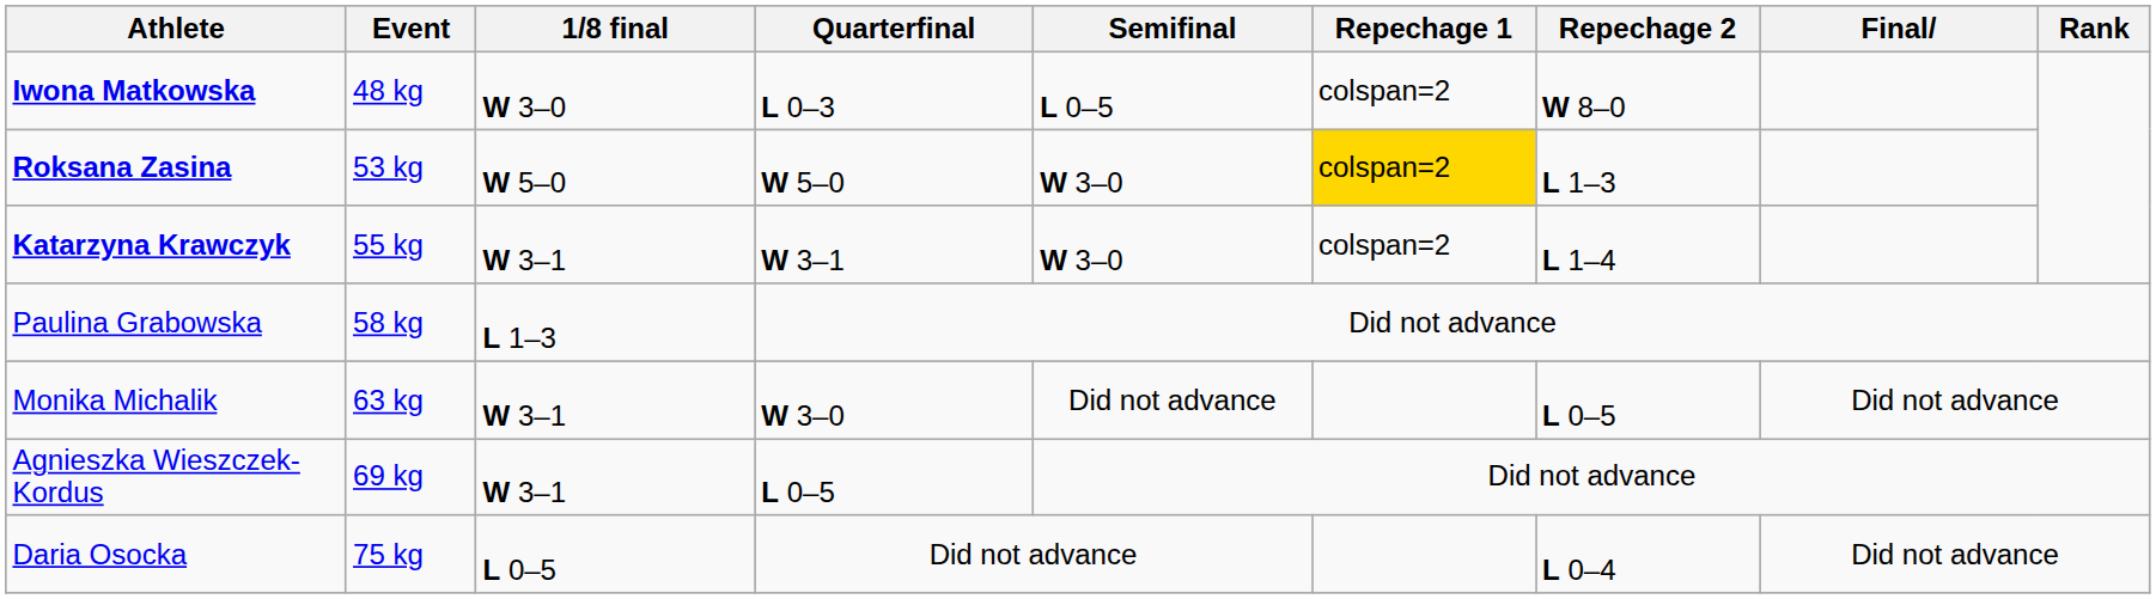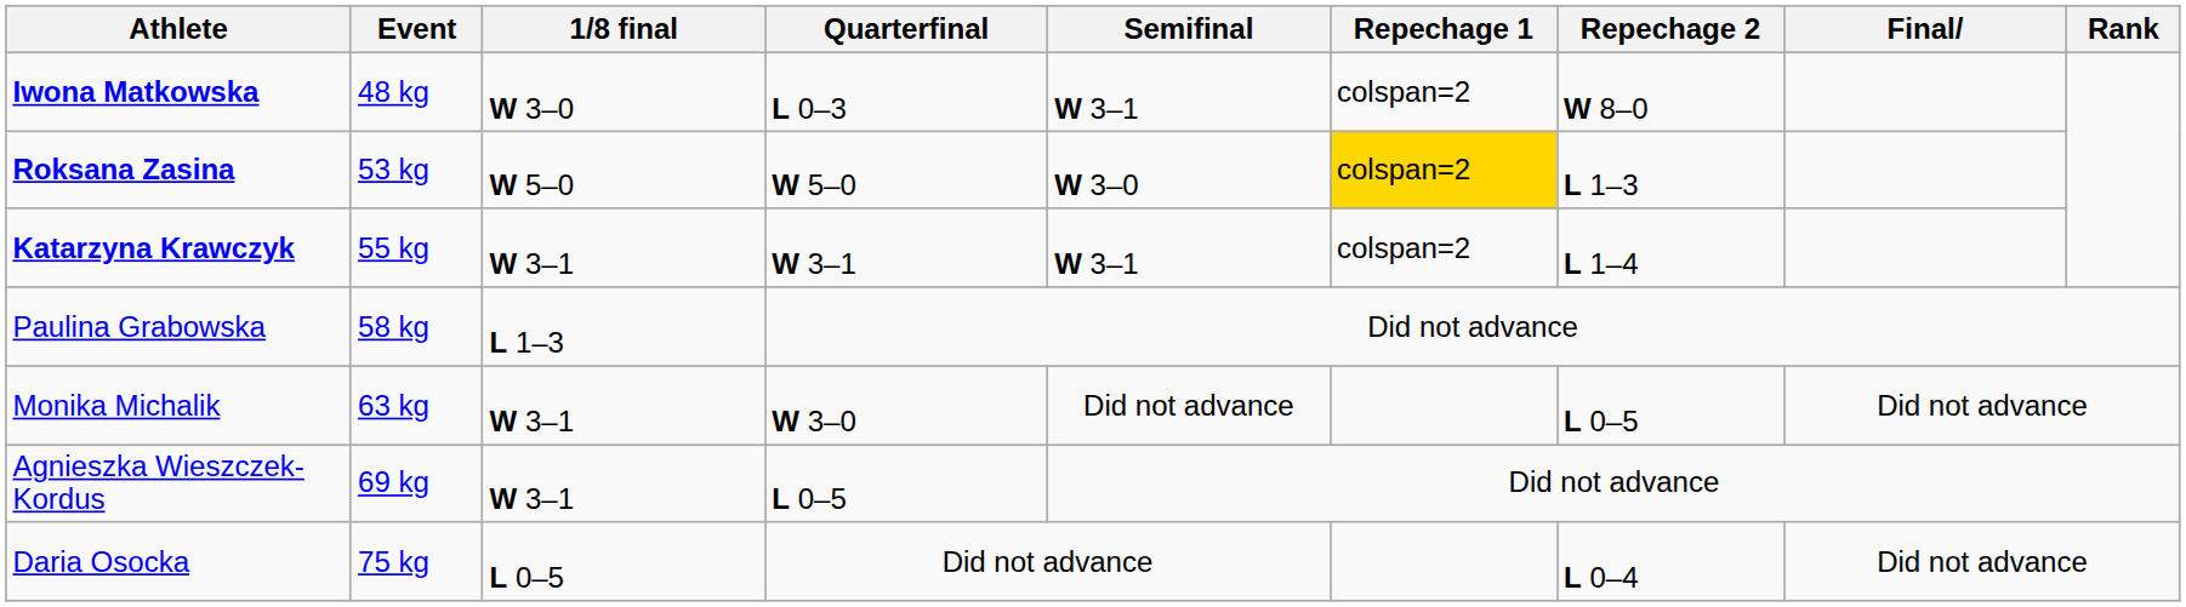 <table class="wikitable" width="85%" style="text-align:left; font-size:90%">
 <tr>
 <th width="11%">Athlete</th>
 <th width="4%">Event</th>
 <th width="9%">1/8 final</th>
 <th width="9%">Quarterfinal</th>
 <th width="9%">Semifinal</th>
 <th width="6%">Repechage 1</th>
 <th width="6%">Repechage 2</th>
 <th width="9%">Final/</th>
 <th width="3%">Rank</th>
 </tr>
 <tr>
 <td><strong><a href='#'>Iwona Matkowska</a></strong></td>
 <td><a href='#'>48 kg</a></td>
 <td><br><strong>W</strong> 3–0</td>
 <td><br><strong>L</strong> 0–3</td>
-<td><br><strong>L</strong> 0–5</td>
+<td><br><strong>W</strong> 3–1</td>
 <td>colspan=2 </td>
 <td><br><strong>W</strong> 8–0</td>
 <td align=center></td>
 </tr>
 <tr>
 <td><strong><a href='#'>Roksana Zasina</a></strong></td>
 <td><a href='#'>53 kg</a></td>
 <td><br><strong>W</strong> 5–0</td>
 <td><br><strong>W</strong> 5–0</td>
 <td><br><strong>W</strong> 3–0</td>
 <td style="background: gold;">colspan=2 </td>
 <td><br><strong>L</strong> 1–3</td>
 <td align=center></td>
 </tr>
 <tr>
 <td><strong><a href='#'>Katarzyna Krawczyk</a></strong></td>
 <td><a href='#'>55 kg</a></td>
 <td><br><strong>W</strong> 3–1</td>
 <td><br><strong>W</strong> 3–1</td>
-<td><br><strong>W</strong> 3–0</td>
+<td><br><strong>W</strong> 3–1</td>
 <td>colspan=2 </td>
 <td><br><strong>L</strong> 1–4</td>
 <td align=center></td>
 </tr>
 <tr>
 <td><a href='#'>Paulina Grabowska</a></td>
 <td><a href='#'>58 kg</a></td>
 <td><br><strong>L</strong> 1–3</td>
 <td colspan=6 align=center>Did not advance</td>
 </tr>
 <tr>
 <td><a href='#'>Monika Michalik</a></td>
 <td><a href='#'>63 kg</a></td>
 <td><br><strong>W</strong> 3–1</td>
 <td><br><strong>W</strong> 3–0</td>
 <td align=center>Did not advance</td>
 <td></td>
 <td><br><strong>L</strong> 0–5</td>
 <td colspan=2 align=center>Did not advance</td>
 </tr>
 <tr>
 <td><a href='#'>Agnieszka Wieszczek-Kordus</a></td>
 <td><a href='#'>69 kg</a></td>
 <td><br><strong>W</strong> 3–1</td>
 <td><br><strong>L</strong> 0–5</td>
 <td colspan=5 align=center>Did not advance</td>
 </tr>
 <tr>
 <td><a href='#'>Daria Osocka</a></td>
 <td><a href='#'>75 kg</a></td>
 <td><br><strong>L</strong> 0–5</td>
 <td colspan=2 align=center>Did not advance</td>
 <td></td>
 <td><br><strong>L</strong> 0–4</td>
 <td colspan=2 align=center>Did not advance</td>
 </tr>
 </table>
